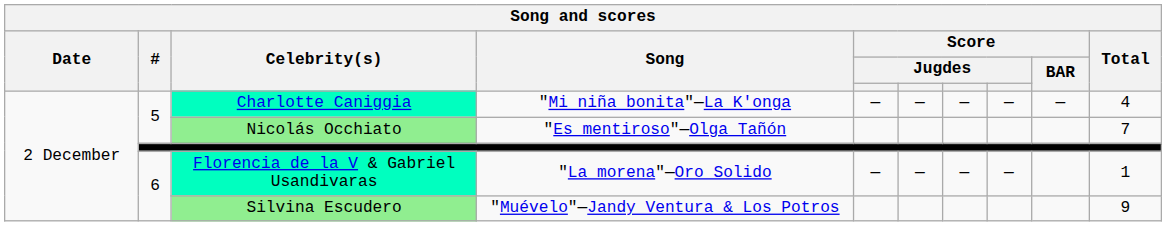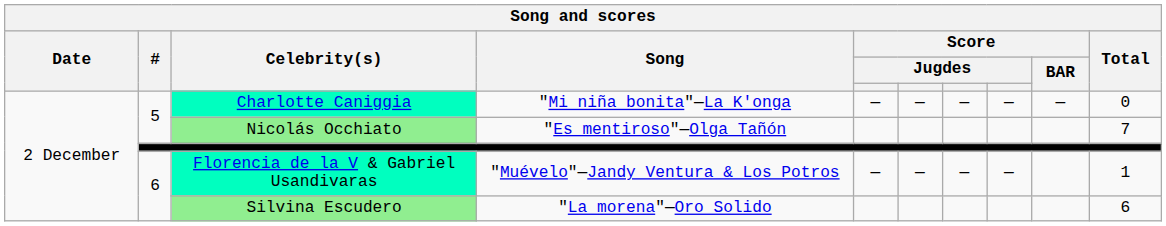 <table class="wikitable collapsible collapsed" style="font-size:95%; text-align: center; width: 100%;">
 <tr>
 <th colspan="11" style="with: 100%;" align=center>Song and scores</th>
 </tr>
 <tr>
 <th rowspan="3" width="100">Date</th>
 <th rowspan="3" width="20">#</th>
 <th rowspan="3" width="240">Celebrity(s)</th>
 <th rowspan="3" width="300">Song</th>
 <th colspan="5">Score</th>
 <th rowspan="3" width="50">Total</th>
 </tr>
 <tr>
 <th colspan="4">Jugdes</th>
 <th rowspan="2" width=40>BAR<br></th>
 </tr>
 <tr>
 <th width=30></th>
 <th width=30></th>
 <th width=30></th>
 <th width=30></th>
 </tr>
 <tr>
 <td rowspan="7">2 December</td>
 <td rowspan="2">5</td>
 <td bgcolor="#00FFBF"><a href='#'>Charlotte Caniggia</a></td>
 <td>"<a href='#'>Mi niña bonita</a>"—<a href='#'>La K'onga</a></td>
 <td>—</td>
 <td>—</td>
 <td>—</td>
 <td>—</td>
 <td>—</td>
-<td>4</td>
+<td>0</td>
 </tr>
 <tr>
 <td bgcolor="lightgreen">Nicolás Occhiato</td>
 <td>"<a href='#'>Es mentiroso</a>"—<a href='#'>Olga Tañón</a></td>
 <td></td>
 <td></td>
 <td></td>
 <td></td>
 <td> </td>
 <td>7</td>
 </tr>
 <tr>
 <td style="background:black" colspan=19></td>
 </tr>
 <tr>
 <td rowspan="2">6</td>
 <td bgcolor="#00FFBF"><a href='#'>Florencia de la V</a> & Gabriel Usandivaras</td>
-<td>"<a href='#'>La morena</a>"—<a href='#'>Oro Solido</a></td>
+<td>"<a href='#'>Muévelo</a>"—<a href='#'>Jandy Ventura & Los Potros</a></td>
 <td>—</td>
 <td>—</td>
 <td>—</td>
 <td>—</td>
 <td> </td>
 <td>1</td>
 </tr>
 <tr>
 <td bgcolor="lightgreen">Silvina Escudero</td>
-<td>"<a href='#'>Muévelo</a>"—<a href='#'>Jandy Ventura & Los Potros</a></td>
+<td>"<a href='#'>La morena</a>"—<a href='#'>Oro Solido</a></td>
 <td></td>
 <td></td>
 <td></td>
 <td></td>
 <td> </td>
-<td>9</td>
+<td>6</td>
 </tr>
 </table>
